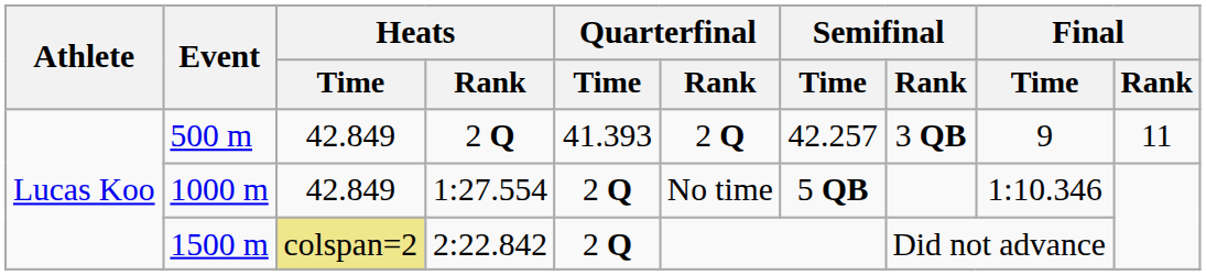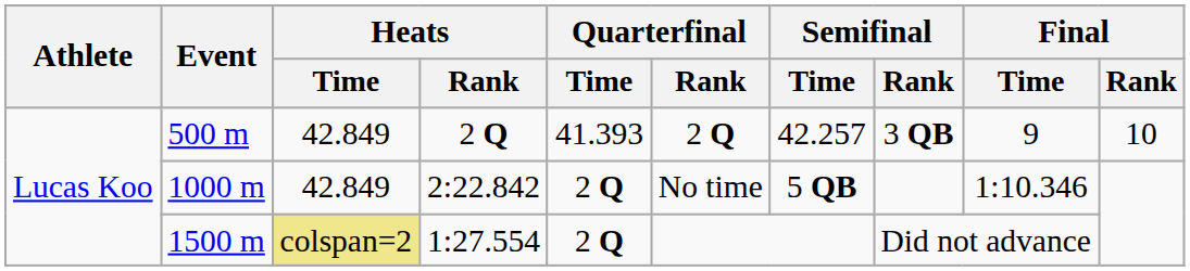 <table class="wikitable" style="font-size:90%">
 <tr>
 <th rowspan=2>Athlete</th>
 <th rowspan=2>Event</th>
 <th colspan=2>Heats</th>
 <th colspan=2>Quarterfinal</th>
 <th colspan=2>Semifinal</th>
 <th colspan=2>Final</th>
 </tr>
 <tr style="font-size:95%">
 <th>Time</th>
 <th>Rank</th>
 <th>Time</th>
 <th>Rank</th>
 <th>Time</th>
 <th>Rank</th>
 <th>Time</th>
 <th>Rank</th>
 </tr>
 <tr align=center>
 <td align=left rowspan=3><a href='#'>Lucas Koo</a></td>
 <td align=left><a href='#'>500 m</a></td>
 <td>42.849</td>
 <td>2 <strong>Q</strong></td>
 <td>41.393</td>
 <td>2 <strong>Q</strong></td>
 <td>42.257</td>
 <td>3 <strong>QB</strong></td>
 <td>9</td>
-<td>11</td>
+<td>10</td>
 </tr>
 <tr align=center>
 <td align=left><a href='#'>1000 m</a></td>
 <td>42.849</td>
-<td>1:27.554</td>
+<td>2:22.842</td>
 <td>2 <strong>Q</strong></td>
 <td>No time</td>
 <td>5 <strong>QB</strong></td>
 <td></td>
 <td>1:10.346</td>
 </tr>
 <tr align=center>
 <td align=left><a href='#'>1500 m</a></td>
 <td style="background: khaki;">colspan=2</td>
-<td>2:22.842</td>
+<td>1:27.554</td>
 <td>2 <strong>Q</strong></td>
 <td colspan=2></td>
 <td colspan=2>Did not advance</td>
 </tr>
 </table>
